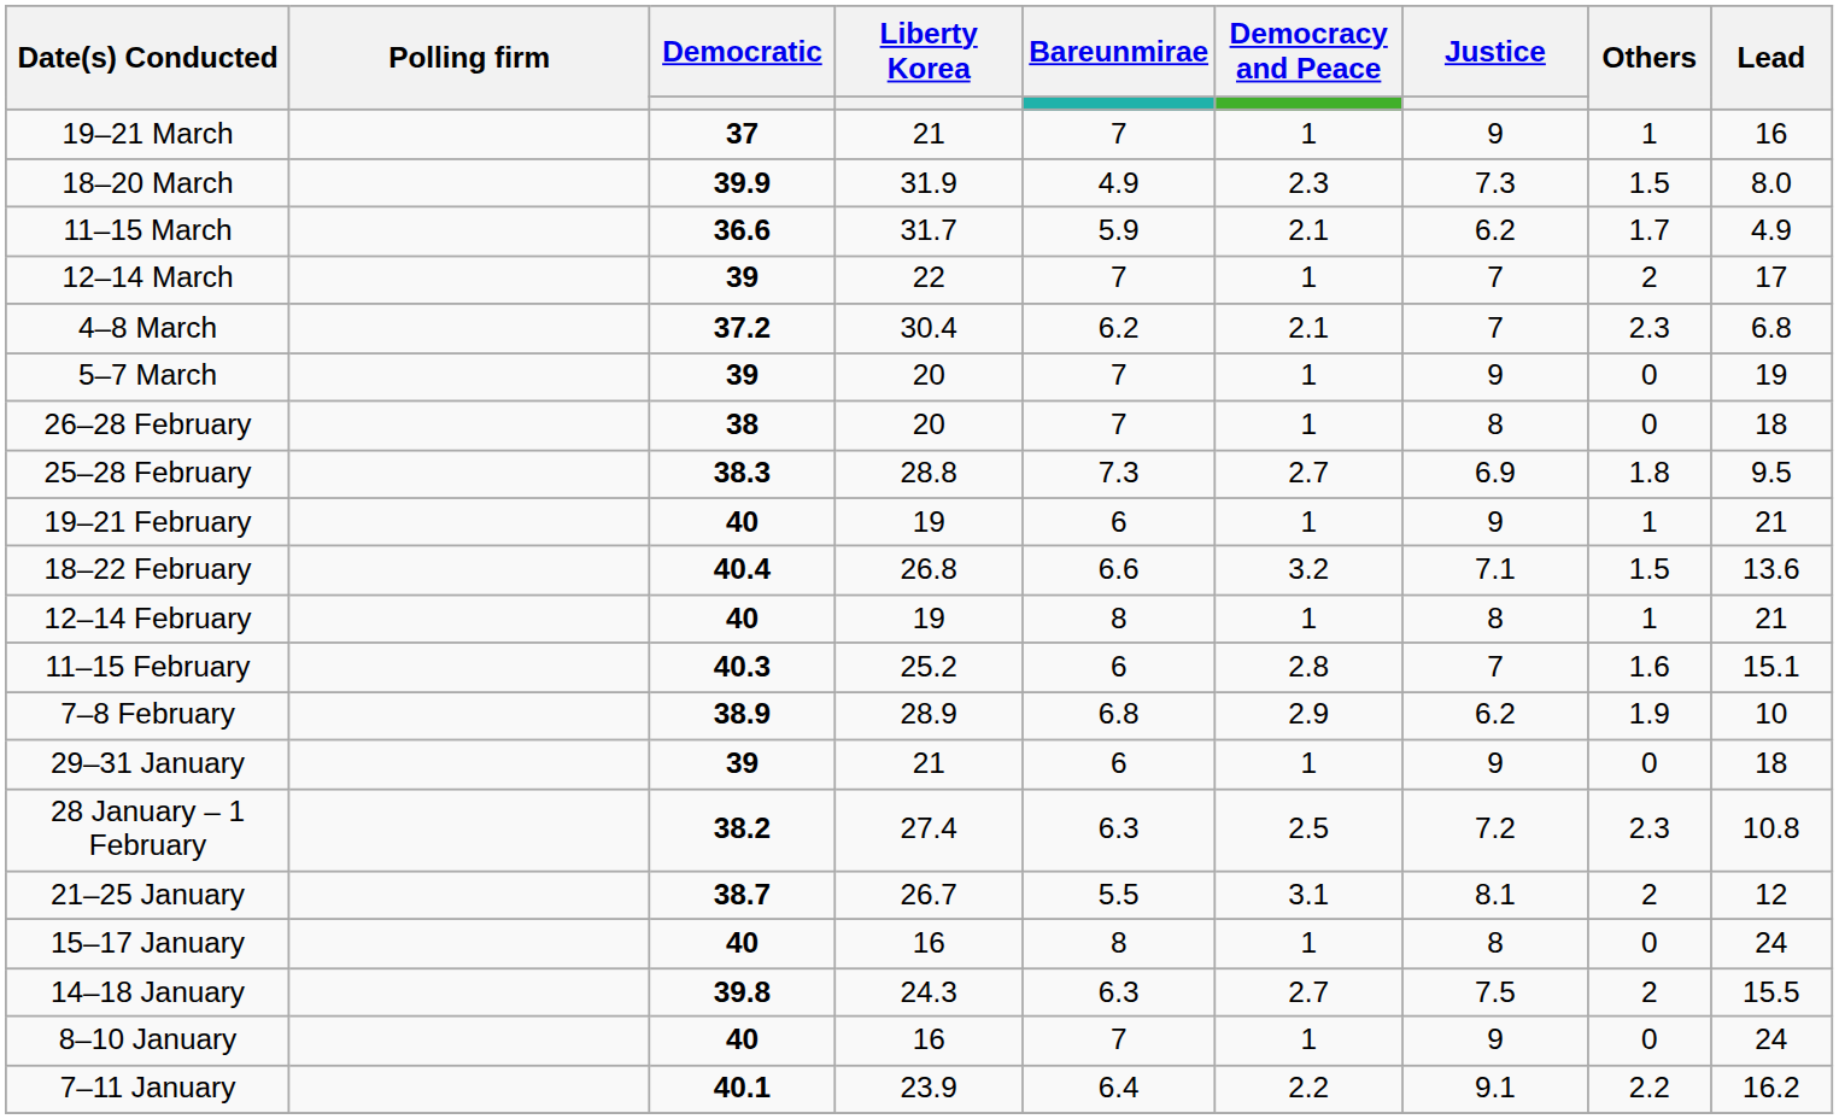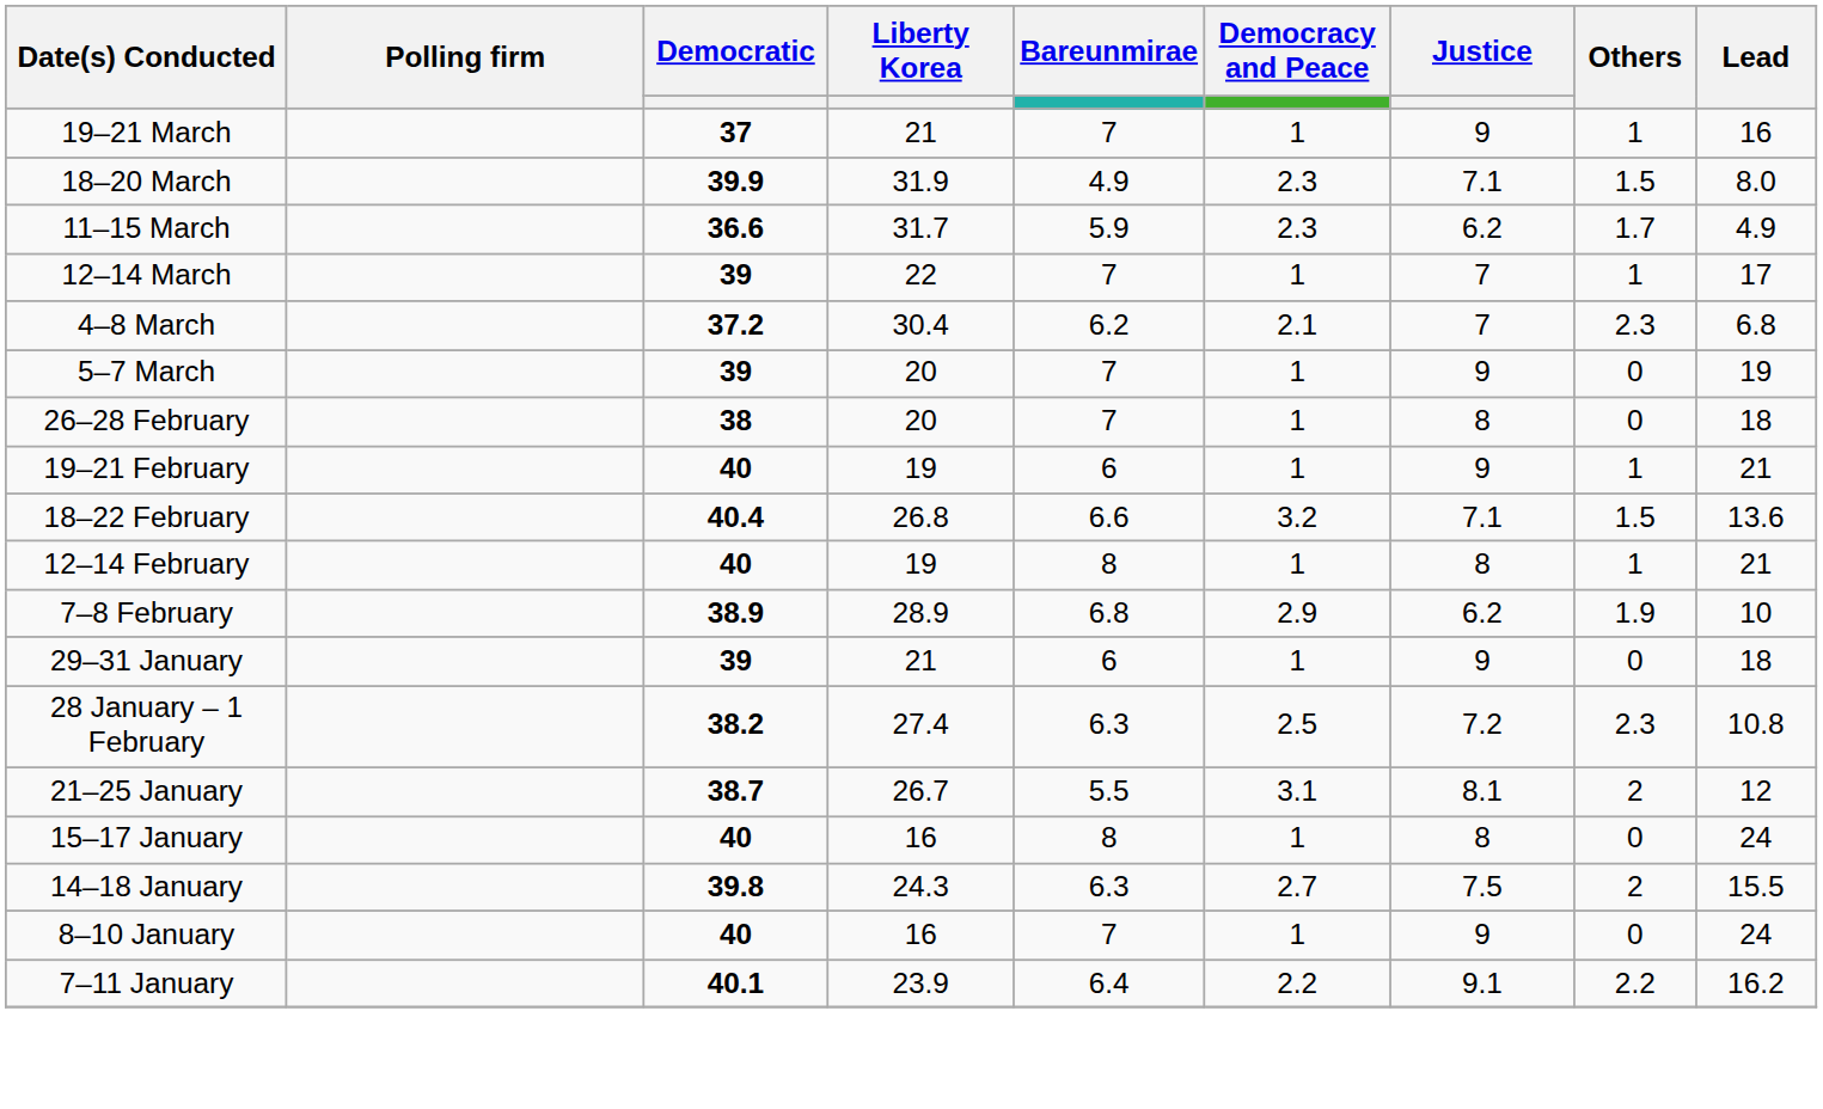 <table class="wikitable sortable" style="text-align:center; font-size:85%; line-height:16px; margin:0;">
 <tr style="height:42px; background-color:#E9E9E9; border 1px solid #aaaaaa;">
 <th style="width:125px;" rowspan="2">Date(s) Conducted</th>
 <th style="width:160px;" rowspan="2">Polling firm</th>
 <th style="width:80px;" class="unsortable"><a href='#'>Democratic</a></th>
 <th style="width:80px;" class="unsortable"><a href='#'>Liberty Korea</a></th>
 <th style="width:80px;" class="unsortable"><a href='#'>Bareunmirae</a></th>
 <th style="width:80px;" class="unsortable"><a href='#'>Democracy and Peace</a></th>
 <th style="width:80px;" class="unsortable"><a href='#'>Justice</a></th>
 <th style="width:50px;" rowspan="2" class="unsortable">Others</th>
 <th style="width:50px;" rowspan="2" class="unsortable">Lead</th>
 </tr>
 <tr>
 <th style="background:"></th>
 <th style="background:"></th>
 <th style="background:#20B2AA;"></th>
 <th style="background:#40B02A;"></th>
 <th style="background:"></th>
 </tr>
 <tr>
 <td data-sort-value="2019-03-22">19–21 March</td>
 <td></td>
 <td><strong>37</strong></td>
 <td>21</td>
 <td>7</td>
 <td>1</td>
 <td>9</td>
 <td>1</td>
 <td style="background:">16</td>
 </tr>
 <tr>
 <td data-sort-value="2019-03-18">18–20 March</td>
 <td></td>
 <td><strong>39.9</strong></td>
 <td>31.9</td>
 <td>4.9</td>
 <td>2.3</td>
-<td>7.3</td>
+<td>7.1</td>
 <td>1.5</td>
 <td style="background:">8.0</td>
 </tr>
 <tr>
 <td data-sort-value="2019-03-11">11–15 March</td>
 <td></td>
 <td><strong>36.6</strong></td>
 <td>31.7</td>
 <td>5.9</td>
-<td>2.1</td>
+<td>2.3</td>
 <td>6.2</td>
 <td>1.7</td>
 <td style="background:">4.9</td>
 </tr>
 <tr>
 <td data-sort-value="2019-03-12">12–14 March</td>
 <td></td>
 <td><strong>39</strong></td>
 <td>22</td>
 <td>7</td>
 <td>1</td>
 <td>7</td>
-<td>2</td>
+<td>1</td>
 <td style="background:">17</td>
 </tr>
 <tr>
 <td data-sort-value="2019-03-04">4–8 March</td>
 <td></td>
 <td><strong>37.2</strong></td>
 <td>30.4</td>
 <td>6.2</td>
 <td>2.1</td>
 <td>7</td>
 <td>2.3</td>
 <td style="background:">6.8</td>
 </tr>
 <tr>
 <td data-sort-value="2019-03-05">5–7 March</td>
 <td></td>
 <td><strong>39</strong></td>
 <td>20</td>
 <td>7</td>
 <td>1</td>
 <td>9</td>
 <td>0</td>
 <td style="background:">19</td>
 </tr>
 <tr>
 <td data-sort-value="2019-02-26">26–28 February</td>
 <td></td>
 <td><strong>38</strong></td>
 <td>20</td>
 <td>7</td>
 <td>1</td>
 <td>8</td>
 <td>0</td>
 <td style="background:">18</td>
 </tr>
 <tr>
-<td data-sort-value="2019-02-25">25–28 February</td>
-<td></td>
-<td><strong>38.3</strong></td>
-<td>28.8</td>
-<td>7.3</td>
-<td>2.7</td>
-<td>6.9</td>
-<td>1.8</td>
-<td style="background:">9.5</td>
-</tr>
-<tr>
 <td data-sort-value="2019-02-19">19–21 February</td>
 <td></td>
 <td><strong>40</strong></td>
 <td>19</td>
 <td>6</td>
 <td>1</td>
 <td>9</td>
 <td>1</td>
 <td style="background:">21</td>
 </tr>
 <tr>
 <td data-sort-value="2019-02-18">18–22 February</td>
 <td></td>
 <td><strong>40.4</strong></td>
 <td>26.8</td>
 <td>6.6</td>
 <td>3.2</td>
 <td>7.1</td>
 <td>1.5</td>
 <td style="background:">13.6</td>
 </tr>
 <tr>
 <td data-sort-value="2019-02-12">12–14 February</td>
 <td></td>
 <td><strong>40</strong></td>
 <td>19</td>
 <td>8</td>
 <td>1</td>
 <td>8</td>
 <td>1</td>
 <td style="background:">21</td>
-</tr>
-<tr>
-<td data-sort-value="2019-02-11">11–15 February</td>
-<td></td>
-<td><strong>40.3</strong></td>
-<td>25.2</td>
-<td>6</td>
-<td>2.8</td>
-<td>7</td>
-<td>1.6</td>
-<td style="background:">15.1</td>
 </tr>
 <tr>
 <td data-sort-value="2019-02-07">7–8 February</td>
 <td></td>
 <td><strong>38.9</strong></td>
 <td>28.9</td>
 <td>6.8</td>
 <td>2.9</td>
 <td>6.2</td>
 <td>1.9</td>
 <td style="background:">10</td>
 </tr>
 <tr>
 <td data-sort-value="2019-01-29">29–31 January</td>
 <td></td>
 <td><strong>39</strong></td>
 <td>21</td>
 <td>6</td>
 <td>1</td>
 <td>9</td>
 <td>0</td>
 <td style="background:">18</td>
 </tr>
 <tr>
 <td data-sort-value="2019-01-28">28 January – 1 February</td>
 <td></td>
 <td><strong>38.2</strong></td>
 <td>27.4</td>
 <td>6.3</td>
 <td>2.5</td>
 <td>7.2</td>
 <td>2.3</td>
 <td style="background:">10.8</td>
 </tr>
 <tr>
 <td data-sort-value="2019-01-21">21–25 January</td>
 <td></td>
 <td><strong>38.7</strong></td>
 <td>26.7</td>
 <td>5.5</td>
 <td>3.1</td>
 <td>8.1</td>
 <td>2</td>
 <td style="background:">12</td>
 </tr>
 <tr>
 <td data-sort-value="2019-01-15">15–17 January</td>
 <td></td>
 <td><strong>40</strong></td>
 <td>16</td>
 <td>8</td>
 <td>1</td>
 <td>8</td>
 <td>0</td>
 <td style="background:">24</td>
 </tr>
 <tr>
 <td data-sort-value="2019-01-14">14–18 January</td>
 <td></td>
 <td><strong>39.8</strong></td>
 <td>24.3</td>
 <td>6.3</td>
 <td>2.7</td>
 <td>7.5</td>
 <td>2</td>
 <td style="background:">15.5</td>
 </tr>
 <tr>
 <td data-sort-value="2019-01-08">8–10 January</td>
 <td></td>
 <td><strong>40</strong></td>
 <td>16</td>
 <td>7</td>
 <td>1</td>
 <td>9</td>
 <td>0</td>
 <td style="background:">24</td>
 </tr>
 <tr>
 <td data-sort-value="2019-01-07">7–11 January</td>
 <td></td>
 <td><strong>40.1</strong></td>
 <td>23.9</td>
 <td>6.4</td>
 <td>2.2</td>
 <td>9.1</td>
 <td>2.2</td>
 <td style="background:">16.2</td>
 </tr>
 <tr>
 </tr>
 </table>
